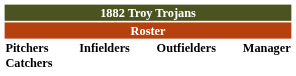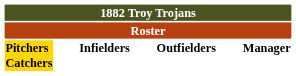 <table class="toccolours" style="font-size: 95%;">
 <tr>
 <th colspan="10" style="background-color: #4B5320; color: white; text-align: center;">1882 Troy Trojans</th>
 </tr>
 <tr>
 <td colspan="10" style="background-color: #B7410E; color: white; text-align: center;"><strong>Roster</strong></td>
 </tr>
 <tr>
-<td valign="top"><strong>Pitchers</strong><br>  <strong>Catchers</strong> </td>
+<td valign="top" style="background: gold;"><strong>Pitchers</strong><br>  <strong>Catchers</strong> </td>
 <td width="25px"></td>
 <td valign="top"><strong>Infielders</strong><br>    </td>
 <td width="25px"></td>
 <td valign="top"><strong>Outfielders</strong><br>     </td>
 <td width="25px"></td>
 <td valign="top"><strong>Manager</strong><br></td>
 </tr>
 </table>
